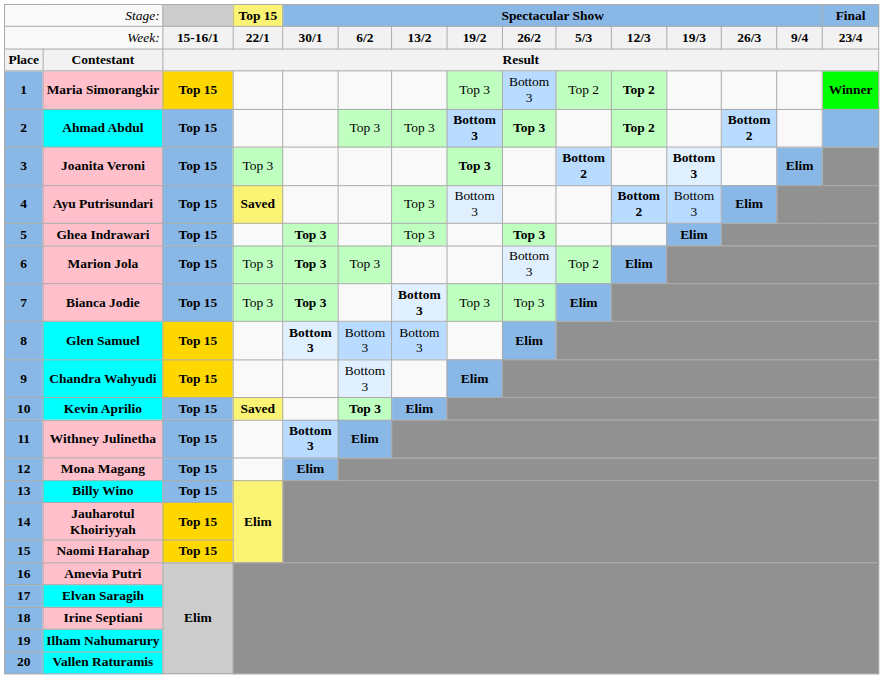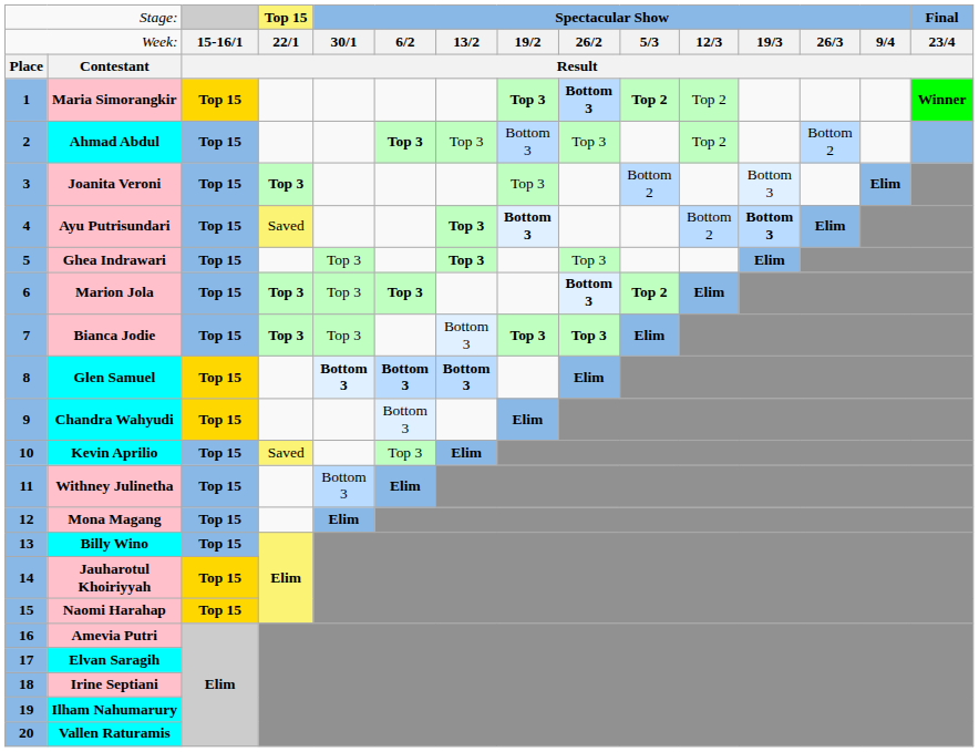 <table class="wikitable" style="margin:1em auto; text-align:center; font-size:85%">
 <tr>
 <td colspan="2" style="text-align:right;"><em>Stage:</em></td>
 <td width=8% style="background:#ccc;"></td>
 <td style="background:#fbf373;"><strong>Top 15</strong></td>
 <td colspan="10" style="background:#8ab8e6;"><strong>Spectacular Show</strong></td>
 <td style="background:#8ab8e6;"><strong>Final</strong></td>
 </tr>
 <tr>
 <td colspan="2" style="text-align:right;"><em>Week:</em></td>
 <th style="width:50px;">15-16/1</th>
 <th style="width:60px;">22/1</th>
 <th style="width:60px;">30/1</th>
 <th style="width:60px;">6/2</th>
 <th style="width:60px;">13/2</th>
 <th style="width:60px;">19/2</th>
 <th style="width:60px;">26/2</th>
 <th style="width:60px;">5/3</th>
 <th style="width:60px;">12/3</th>
 <th style="width:60px;">19/3</th>
 <th style="width:60px;">26/3</th>
 <th style="width:60px;">9/4</th>
 <th style="width:60px;">23/4</th>
 </tr>
 <tr>
 <th style="width:35px;">Place</th>
 <th style="width:180px;">Contestant</th>
 <th colspan="17">Result</th>
 </tr>
 <tr>
 <td style="background:#8ab8e6;"><strong>1</strong></td>
 <td style="background:pink;"><strong>Maria Simorangkir</strong></td>
 <td style="background:gold;"><strong>Top 15</strong></td>
 <td></td>
 <td></td>
 <td></td>
 <td></td>
-<td style="background:#bfffc0;">Top 3</td>
-<td style="background:#b8dbff;">Bottom 3</td>
+<td style="background:#bfffc0;"><strong>Top 3</strong></td>
+<td style="background:#b8dbff;"><strong>Bottom 3</strong></td>
+<td style="background:#bfffc0;"><strong>Top 2</strong></td>
 <td style="background:#bfffc0;">Top 2</td>
-<td style="background:#bfffc0;"><strong>Top 2</strong></td>
 <td></td>
 <td></td>
 <td></td>
 <td style="background:lime"><strong>Winner</strong></td>
 </tr>
 <tr>
 <td style="background:#8ab8e6;"><strong>2</strong></td>
 <td style="background:cyan;"><strong>Ahmad Abdul</strong></td>
 <td style="background:#8ab8e6;"><strong>Top 15</strong></td>
 <td></td>
 <td></td>
+<td style="background:#bfffc0;"><strong>Top 3</strong></td>
 <td style="background:#bfffc0;">Top 3</td>
+<td style="background:#b8dbff;">Bottom 3</td>
 <td style="background:#bfffc0;">Top 3</td>
-<td style="background:#b8dbff;"><strong>Bottom 3</strong></td>
-<td style="background:#bfffc0;"><strong>Top 3</strong></td>
 <td></td>
-<td style="background:#bfffc0;"><strong>Top 2</strong></td>
+<td style="background:#bfffc0;">Top 2</td>
 <td></td>
-<td style="background:#b8dbff;"><strong>Bottom 2</strong></td>
+<td style="background:#b8dbff;">Bottom 2</td>
 <td></td>
 <td style="background:#8ab8e6;"></td>
 </tr>
 <tr>
 <td style="background:#8ab8e6;"><strong>3</strong></td>
 <td style="background:pink;"><strong>Joanita Veroni</strong></td>
 <td style="background:#8ab8e6;"><strong>Top 15</strong></td>
-<td style="background:#bfffc0;">Top 3</td>
+<td style="background:#bfffc0;"><strong>Top 3</strong></td>
 <td></td>
 <td></td>
 <td></td>
-<td style="background:#bfffc0;"><strong>Top 3</strong></td>
+<td style="background:#bfffc0;">Top 3</td>
 <td></td>
-<td style="background:#b8dbff;"><strong>Bottom 2</strong></td>
+<td style="background:#b8dbff;">Bottom 2</td>
 <td></td>
-<td style="background:#e0f0ff;"><strong>Bottom 3</strong></td>
+<td style="background:#e0f0ff;">Bottom 3</td>
 <td></td>
 <td style="background:#8ab8e6;"><strong>Elim</strong></td>
 <td style="background:#919191;" colspan="90"></td>
 </tr>
 <tr>
 <td style="background:#8ab8e6;"><strong>4</strong></td>
 <td style="background:pink;"><strong>Ayu Putrisundari</strong></td>
 <td style="background:#8ab8e6;"><strong>Top 15</strong></td>
-<td style="background:#fbf373;"><strong>Saved</strong></td>
+<td style="background:#fbf373;">Saved</td>
 <td></td>
 <td></td>
-<td style="background:#bfffc0;">Top 3</td>
-<td style="background:#e0f0ff;">Bottom 3</td>
+<td style="background:#bfffc0;"><strong>Top 3</strong></td>
+<td style="background:#e0f0ff;"><strong>Bottom 3</strong></td>
 <td></td>
 <td></td>
-<td style="background:#b8dbff;"><strong>Bottom 2</strong></td>
-<td style="background:#b8dbff;">Bottom 3</td>
+<td style="background:#b8dbff;">Bottom 2</td>
+<td style="background:#b8dbff;"><strong>Bottom 3</strong></td>
 <td style="background:#8ab8e6;"><strong>Elim</strong></td>
 <td style="background:#919191;" colspan="90"></td>
 </tr>
 <tr>
 <td style="background:#8ab8e6;"><strong>5</strong></td>
 <td style="background:pink;"><strong>Ghea Indrawari</strong></td>
 <td style="background:#8ab8e6;"><strong>Top 15</strong></td>
 <td></td>
+<td style="background:#bfffc0;">Top 3</td>
+<td></td>
 <td style="background:#bfffc0;"><strong>Top 3</strong></td>
 <td></td>
 <td style="background:#bfffc0;">Top 3</td>
-<td></td>
-<td style="background:#bfffc0;"><strong>Top 3</strong></td>
 <td></td>
 <td></td>
 <td style="background:#8ab8e6;"><strong>Elim</strong></td>
 <td style="background:#919191;" colspan="90"></td>
 </tr>
 <tr>
 <td style="background:#8ab8e6;"><strong>6</strong></td>
 <td style="background:pink;"><strong>Marion Jola</strong></td>
 <td style="background:#8ab8e6;"><strong>Top 15</strong></td>
+<td style="background:#bfffc0;"><strong>Top 3</strong></td>
 <td style="background:#bfffc0;">Top 3</td>
 <td style="background:#bfffc0;"><strong>Top 3</strong></td>
-<td style="background:#bfffc0;">Top 3</td>
 <td></td>
 <td></td>
-<td style="background:#e0f0ff;">Bottom 3</td>
-<td style="background:#bfffc0;">Top 2</td>
+<td style="background:#e0f0ff;"><strong>Bottom 3</strong></td>
+<td style="background:#bfffc0;"><strong>Top 2</strong></td>
 <td style="background:#8ab8e6;"><strong>Elim</strong></td>
 <td style="background:#919191;" colspan="90"></td>
 </tr>
 <tr>
 <td style="background:#8ab8e6;"><strong>7</strong></td>
 <td style="background:pink;"><strong>Bianca Jodie</strong></td>
 <td style="background:#8ab8e6;"><strong>Top 15</strong></td>
+<td style="background:#bfffc0;"><strong>Top 3</strong></td>
 <td style="background:#bfffc0;">Top 3</td>
+<td></td>
+<td style="background:#e0f0ff;">Bottom 3</td>
 <td style="background:#bfffc0;"><strong>Top 3</strong></td>
-<td></td>
-<td style="background:#e0f0ff;"><strong>Bottom 3</strong></td>
-<td style="background:#bfffc0;">Top 3</td>
-<td style="background:#bfffc0;">Top 3</td>
+<td style="background:#bfffc0;"><strong>Top 3</strong></td>
 <td style="background:#8ab8e6;"><strong>Elim</strong></td>
 <td style="background:#919191;" colspan="90"></td>
 </tr>
 <tr>
 <td style="background:#8ab8e6;"><strong>8</strong></td>
 <td style="background:cyan;"><strong>Glen Samuel</strong></td>
 <td style="background:gold;"><strong>Top 15</strong></td>
 <td></td>
 <td style="background:#e0f0ff;"><strong>Bottom 3</strong></td>
-<td style="background:#b8dbff;">Bottom 3</td>
-<td style="background:#b8dbff;">Bottom 3</td>
+<td style="background:#b8dbff;"><strong>Bottom 3</strong></td>
+<td style="background:#b8dbff;"><strong>Bottom 3</strong></td>
 <td></td>
 <td style="background:#8ab8e6;"><strong>Elim</strong></td>
 <td style="background:#919191;" colspan="90"></td>
 </tr>
 <tr>
 <td style="background:#8ab8e6;"><strong>9</strong></td>
 <td style="background:cyan;"><strong>Chandra Wahyudi</strong></td>
 <td style="background:gold;"><strong>Top 15</strong></td>
 <td></td>
 <td></td>
 <td style="background:#e0f0ff;">Bottom 3</td>
 <td></td>
 <td style="background:#8ab8e6;"><strong>Elim</strong></td>
 <td style="background:#919191;" colspan="90"></td>
 </tr>
 <tr>
 <td style="background:#8ab8e6;"><strong>10</strong></td>
 <td style="background:cyan;"><strong>Kevin Aprilio</strong></td>
 <td style="background:#8ab8e6;"><strong>Top 15</strong></td>
-<td style="background:#fbf373;"><strong>Saved</strong></td>
+<td style="background:#fbf373;">Saved</td>
 <td></td>
-<td style="background:#bfffc0;"><strong>Top 3</strong></td>
+<td style="background:#bfffc0;">Top 3</td>
 <td style="background:#8ab8e6;"><strong>Elim</strong></td>
 <td style="background:#919191;" colspan="90"></td>
 </tr>
 <tr>
 <td style="background:#8ab8e6;"><strong>11</strong></td>
 <td style="background:pink;"><strong>Withney Julinetha</strong></td>
 <td style="background:#8ab8e6;"><strong>Top 15</strong></td>
 <td></td>
-<td style="background:#b8dbff;"><strong>Bottom 3</strong></td>
+<td style="background:#b8dbff;">Bottom 3</td>
 <td style="background:#8ab8e6;"><strong>Elim</strong></td>
 <td style="background:#919191;" colspan="90"></td>
 </tr>
 <tr>
 <td style="background:#8ab8e6;"><strong>12</strong></td>
 <td style="background:pink;"><strong>Mona Magang</strong></td>
 <td style="background:#8ab8e6;"><strong>Top 15</strong></td>
 <td></td>
 <td style="background:#8ab8e6;"><strong>Elim</strong></td>
 <td style="background:#919191;" colspan="90"></td>
 </tr>
 <tr>
 <td style="background:#8ab8e6;"><strong>13</strong></td>
 <td style="background:cyan;"><strong>Billy Wino</strong></td>
 <td style="background:#8ab8e6;"><strong>Top 15</strong></td>
 <td style="background:#fbf373;" rowspan="3"><strong>Elim</strong></td>
 <td style="background:#919191;" colspan="90" rowspan="3"></td>
 </tr>
 <tr>
 <td style="background:#8ab8e6;"><strong>14</strong></td>
 <td style="background:pink;"><strong>Jauharotul Khoiriyyah</strong></td>
 <td style="background:gold;"><strong>Top 15</strong></td>
 </tr>
 <tr>
 <td style="background:#8ab8e6;"><strong>15</strong></td>
 <td style="background:pink;"><strong>Naomi Harahap</strong></td>
 <td style="background:gold;"><strong>Top 15</strong></td>
 </tr>
 <tr>
 <td style="background:#8ab8e6;"><strong>16</strong></td>
 <td style="background:pink;"><strong>Amevia Putri</strong></td>
 <td style="background:#ccc;" rowspan="5"><strong>Elim</strong></td>
 <td style="background:#919191;" colspan="15" rowspan="5"></td>
 </tr>
 <tr>
 <td style="background:#8ab8e6;"><strong>17</strong></td>
 <td style="background:cyan;"><strong>Elvan Saragih</strong></td>
 </tr>
 <tr>
 <td style="background:#8ab8e6;"><strong>18</strong></td>
 <td style="background:pink;"><strong>Irine Septiani</strong></td>
 </tr>
 <tr>
 <td style="background:#8ab8e6;"><strong>19</strong></td>
 <td style="background:cyan;"><strong>Ilham Nahumarury</strong></td>
 </tr>
 <tr>
 <td style="background:#8ab8e6;"><strong>20</strong></td>
 <td style="background:cyan;"><strong>Vallen Raturamis</strong></td>
 </tr>
 </table>
